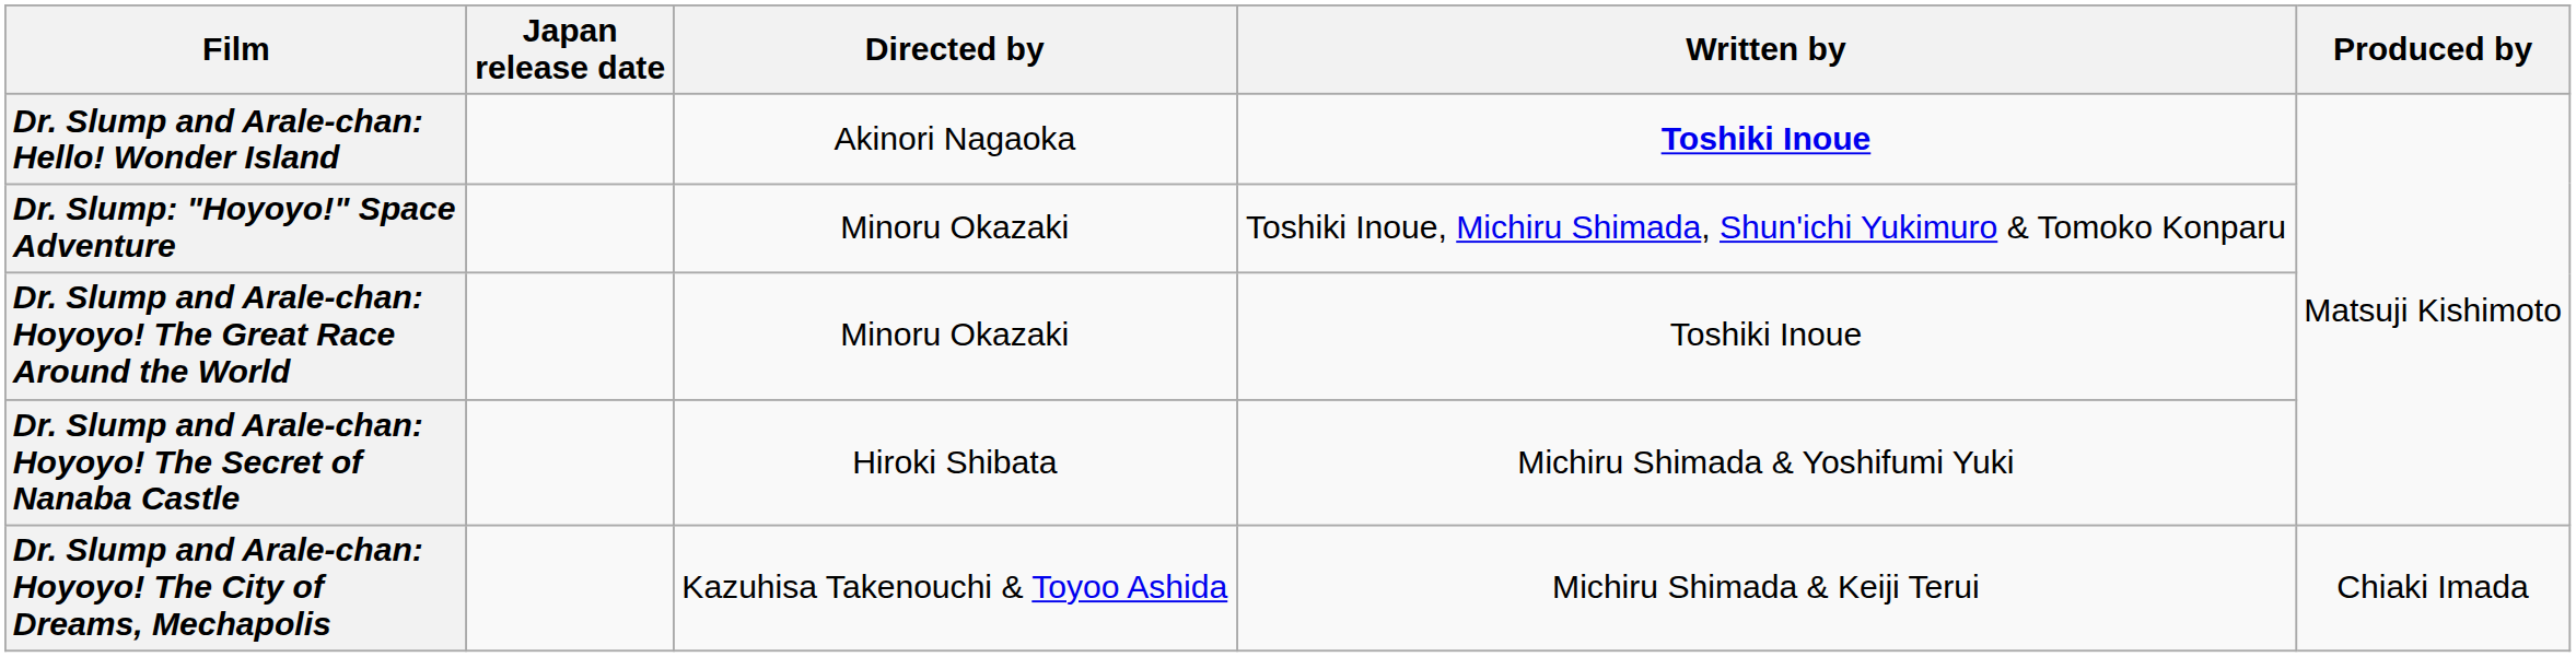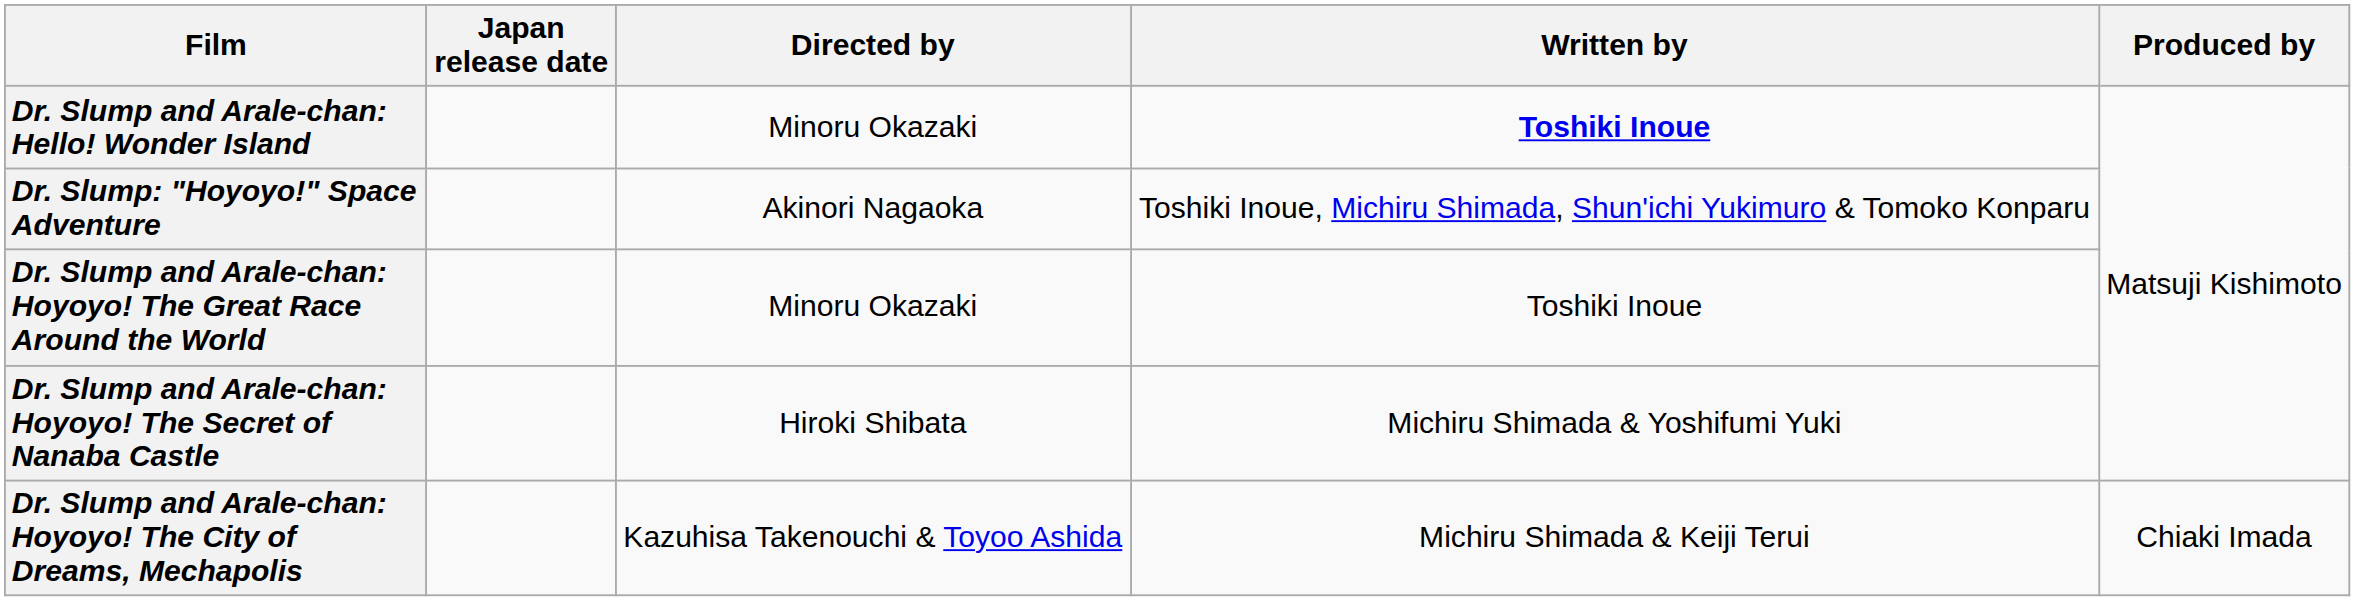 <table class="wikitable" style="text-align:center; width=99%">
 <tr>
 <th scope="col" style="width:18%;">Film</th>
 <th scope="col">Japan <br>release date</th>
 <th scope="col">Directed by</th>
 <th scope="col">Written by</th>
 <th scope="col">Produced by</th>
 </tr>
 <tr>
 <th scope="row" style="text-align:left"><em>Dr. Slump and Arale-chan: Hello! Wonder Island</em></th>
 <td style="text-align:center"></td>
-<td>Akinori Nagaoka</td>
+<td>Minoru Okazaki</td>
 <td><strong><a href='#'>Toshiki Inoue</a></strong></td>
 <td rowspan="4">Matsuji Kishimoto</td>
 </tr>
 <tr>
 <th scope="row" style="text-align:left"><em>Dr. Slump: "Hoyoyo!" Space Adventure</em></th>
 <td style="text-align:center"></td>
-<td>Minoru Okazaki</td>
+<td>Akinori Nagaoka</td>
 <td>Toshiki Inoue, <a href='#'>Michiru Shimada</a>, <a href='#'>Shun'ichi Yukimuro</a> & Tomoko Konparu</td>
 </tr>
 <tr>
 <th scope="row" style="text-align:left"><em>Dr. Slump and Arale-chan: Hoyoyo! The Great Race Around the World</em></th>
 <td style="text-align:center"></td>
 <td>Minoru Okazaki</td>
 <td>Toshiki Inoue</td>
 </tr>
 <tr>
 <th scope="row" style="text-align:left"><em>Dr. Slump and Arale-chan: Hoyoyo! The Secret of Nanaba Castle</em></th>
 <td style="text-align:center"></td>
 <td>Hiroki Shibata</td>
 <td>Michiru Shimada & Yoshifumi Yuki</td>
 </tr>
 <tr>
 <th scope="row" style="text-align:left"><em>Dr. Slump and Arale-chan: Hoyoyo! The City of Dreams, Mechapolis</em></th>
 <td style="text-align:center"></td>
 <td>Kazuhisa Takenouchi & <a href='#'>Toyoo Ashida</a></td>
 <td>Michiru Shimada & Keiji Terui</td>
 <td>Chiaki Imada</td>
 </tr>
 </table>
